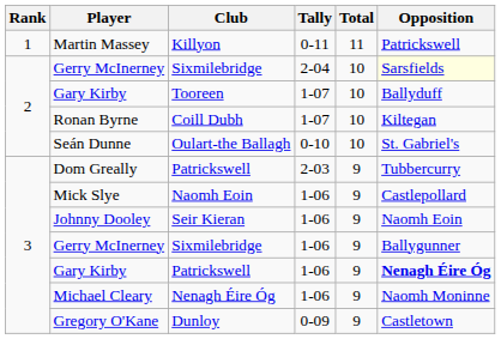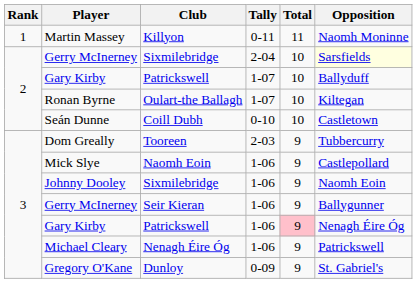 <table class="wikitable">
 <tr>
 <th>Rank</th>
 <th>Player</th>
 <th>Club</th>
 <th>Tally</th>
 <th>Total</th>
 <th>Opposition</th>
 </tr>
 <tr>
 <td rowspan="1" style="text-align:center;">1</td>
 <td>Martin Massey</td>
 <td><a href='#'>Killyon</a></td>
 <td align=center>0-11</td>
 <td align=center>11</td>
-<td><a href='#'>Patrickswell</a></td>
+<td><a href='#'>Naomh Moninne</a></td>
 </tr>
 <tr>
 <td rowspan="4" style="text-align:center;">2</td>
 <td><a href='#'>Gerry McInerney</a></td>
 <td><a href='#'>Sixmilebridge</a></td>
 <td align=center>2-04</td>
 <td align=center>10</td>
 <td style="background: lightyellow;"><a href='#'>Sarsfields</a></td>
 </tr>
 <tr>
 <td><a href='#'>Gary Kirby</a></td>
-<td><a href='#'>Tooreen</a></td>
+<td><a href='#'>Patrickswell</a></td>
 <td align=center>1-07</td>
 <td align=center>10</td>
 <td><a href='#'>Ballyduff</a></td>
 </tr>
 <tr>
 <td>Ronan Byrne</td>
-<td><a href='#'>Coill Dubh</a></td>
+<td><a href='#'>Oulart-the Ballagh</a></td>
 <td align=center>1-07</td>
 <td align=center>10</td>
 <td><a href='#'>Kiltegan</a></td>
 </tr>
 <tr>
 <td>Seán Dunne</td>
-<td><a href='#'>Oulart-the Ballagh</a></td>
+<td><a href='#'>Coill Dubh</a></td>
 <td align=center>0-10</td>
 <td align=center>10</td>
-<td><a href='#'>St. Gabriel's</a></td>
+<td><a href='#'>Castletown</a></td>
 </tr>
 <tr>
 <td rowspan="7" style="text-align:center;">3</td>
 <td>Dom Greally</td>
-<td><a href='#'>Patrickswell</a></td>
+<td><a href='#'>Tooreen</a></td>
 <td align=center>2-03</td>
 <td align=center>9</td>
 <td><a href='#'>Tubbercurry</a></td>
 </tr>
 <tr>
 <td>Mick Slye</td>
 <td><a href='#'>Naomh Eoin</a></td>
 <td align=center>1-06</td>
 <td align=center>9</td>
 <td><a href='#'>Castlepollard</a></td>
 </tr>
 <tr>
 <td><a href='#'>Johnny Dooley</a></td>
-<td><a href='#'>Seir Kieran</a></td>
+<td><a href='#'>Sixmilebridge</a></td>
 <td align=center>1-06</td>
 <td align=center>9</td>
 <td><a href='#'>Naomh Eoin</a></td>
 </tr>
 <tr>
 <td><a href='#'>Gerry McInerney</a></td>
-<td><a href='#'>Sixmilebridge</a></td>
+<td><a href='#'>Seir Kieran</a></td>
 <td align=center>1-06</td>
 <td align=center>9</td>
 <td><a href='#'>Ballygunner</a></td>
 </tr>
 <tr>
 <td><a href='#'>Gary Kirby</a></td>
 <td><a href='#'>Patrickswell</a></td>
 <td align=center>1-06</td>
-<td align=center>9</td>
-<td><strong><a href='#'>Nenagh Éire Óg</a></strong></td>
+<td align=center style="background: pink;">9</td>
+<td><a href='#'>Nenagh Éire Óg</a></td>
 </tr>
 <tr>
 <td><a href='#'>Michael Cleary</a></td>
 <td><a href='#'>Nenagh Éire Óg</a></td>
 <td align=center>1-06</td>
 <td align=center>9</td>
-<td><a href='#'>Naomh Moninne</a></td>
+<td><a href='#'>Patrickswell</a></td>
 </tr>
 <tr>
 <td><a href='#'>Gregory O'Kane</a></td>
 <td><a href='#'>Dunloy</a></td>
 <td align=center>0-09</td>
 <td align=center>9</td>
-<td><a href='#'>Castletown</a></td>
+<td><a href='#'>St. Gabriel's</a></td>
 </tr>
 </table>
